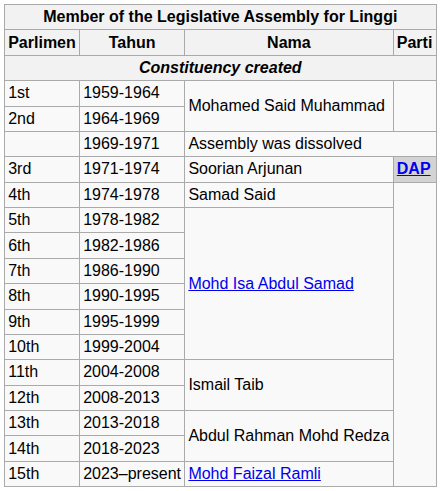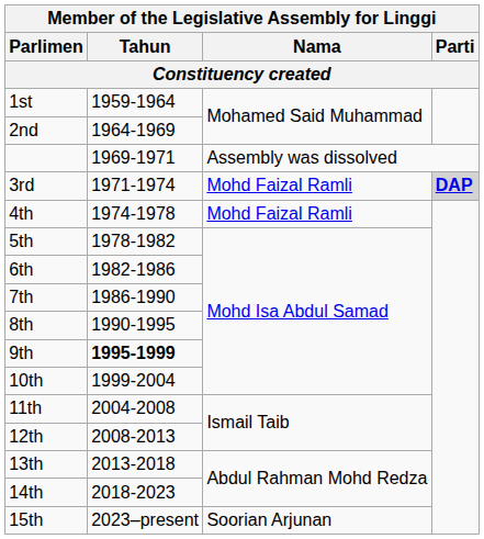 <table class="wikitable">
 <tr>
 <th colspan="4">Member of the Legislative Assembly for Linggi</th>
 </tr>
 <tr>
 <th>Parlimen</th>
 <th>Tahun</th>
 <th>Nama</th>
 <th>Parti</th>
 </tr>
 <tr>
 <th colspan="4" align="center"><em>Constituency created</em></th>
 </tr>
 <tr>
 <td>1st</td>
 <td>1959-1964</td>
 <td rowspan="2">Mohamed Said Muhammad</td>
 <td rowspan="2"></td>
 </tr>
 <tr>
 <td>2nd</td>
 <td>1964-1969</td>
 </tr>
 <tr>
 <td></td>
 <td>1969-1971</td>
 <td colspan="2">Assembly was dissolved</td>
 </tr>
 <tr>
 <td>3rd</td>
 <td>1971-1974</td>
-<td>Soorian Arjunan</td>
+<td><a href='#'>Mohd Faizal Ramli</a></td>
 <td style="background: lightgrey;"><strong><a href='#'>DAP</a></strong></td>
 </tr>
 <tr>
 <td>4th</td>
 <td>1974-1978</td>
-<td>Samad Said</td>
+<td><a href='#'>Mohd Faizal Ramli</a></td>
 <td rowspan="12"></td>
 </tr>
 <tr>
 <td>5th</td>
 <td>1978-1982</td>
 <td rowspan="6"><a href='#'>Mohd Isa Abdul Samad</a></td>
 </tr>
 <tr>
 <td>6th</td>
 <td>1982-1986</td>
 </tr>
 <tr>
 <td>7th</td>
 <td>1986-1990</td>
 </tr>
 <tr>
 <td>8th</td>
 <td>1990-1995</td>
 </tr>
 <tr>
 <td>9th</td>
-<td>1995-1999</td>
+<td><strong>1995-1999</strong></td>
 </tr>
 <tr>
 <td>10th</td>
 <td>1999-2004</td>
 </tr>
 <tr>
 <td>11th</td>
 <td>2004-2008</td>
 <td rowspan="2">Ismail Taib</td>
 </tr>
 <tr>
 <td>12th</td>
 <td>2008-2013</td>
 </tr>
 <tr>
 <td>13th</td>
 <td>2013-2018</td>
 <td rowspan="2">Abdul Rahman Mohd Redza</td>
 </tr>
 <tr>
 <td>14th</td>
 <td>2018-2023</td>
 </tr>
 <tr>
 <td>15th</td>
 <td>2023–present</td>
-<td><a href='#'>Mohd Faizal Ramli</a></td>
+<td>Soorian Arjunan</td>
 </tr>
 </table>
